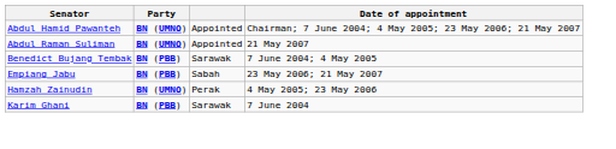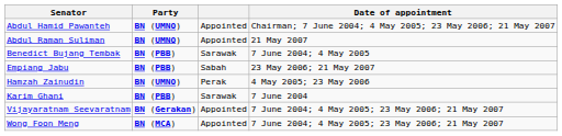 <table class="wikitable sortable">
 <tr>
 <th>Senator</th>
 <th>Party</th>
 <th></th>
 <th>Date of appointment</th>
 </tr>
 <tr>
 <td><a href='#'>Abdul Hamid Pawanteh</a></td>
 <td><strong><a href='#'>BN</a></strong> (<strong><a href='#'>UMNO</a></strong>)</td>
 <td>Appointed</td>
 <td>Chairman; 7 June 2004; 4 May 2005; 23 May 2006; 21 May 2007</td>
 </tr>
 <tr>
 <td><a href='#'>Abdul Raman Suliman</a></td>
 <td><strong><a href='#'>BN</a></strong> (<strong><a href='#'>UMNO</a></strong>)</td>
 <td>Appointed</td>
 <td>21 May 2007</td>
 </tr>
 <tr>
 <td><a href='#'>Benedict Bujang Tembak</a></td>
 <td><strong><a href='#'>BN</a></strong> (<strong><a href='#'>PBB</a></strong>)</td>
 <td>Sarawak</td>
 <td>7 June 2004; 4 May 2005</td>
 </tr>
 <tr>
 <td><a href='#'>Empiang Jabu</a></td>
 <td><strong><a href='#'>BN</a></strong> (<strong><a href='#'>PBB</a></strong>)</td>
 <td>Sabah</td>
 <td>23 May 2006; 21 May 2007</td>
 </tr>
 <tr>
 <td><a href='#'>Hamzah Zainudin</a></td>
 <td><strong><a href='#'>BN</a></strong> (<strong><a href='#'>UMNO</a></strong>)</td>
 <td>Perak</td>
 <td>4 May 2005; 23 May 2006</td>
 </tr>
 <tr>
 <td><a href='#'>Karim Ghani</a></td>
 <td><strong><a href='#'>BN</a></strong> (<strong><a href='#'>PBB</a></strong>)</td>
 <td>Sarawak</td>
 <td>7 June 2004</td>
 </tr>
+<tr>
+<td><a href='#'>Vijayaratnam Seevaratnam</a></td>
+<td><strong><a href='#'>BN</a></strong> (<strong><a href='#'>Gerakan</a></strong>)</td>
+<td>Appointed</td>
+<td>7 June 2004; 4 May 2005; 23 May 2006; 21 May 2007</td>
+</tr>
+<tr>
+<td><a href='#'>Wong Foon Meng</a></td>
+<td><strong><a href='#'>BN</a></strong> (<strong><a href='#'>MCA</a></strong>)</td>
+<td>Appointed</td>
+<td>7 June 2004; 4 May 2005; 23 May 2006; 21 May 2007</td>
+</tr>
 </table>
